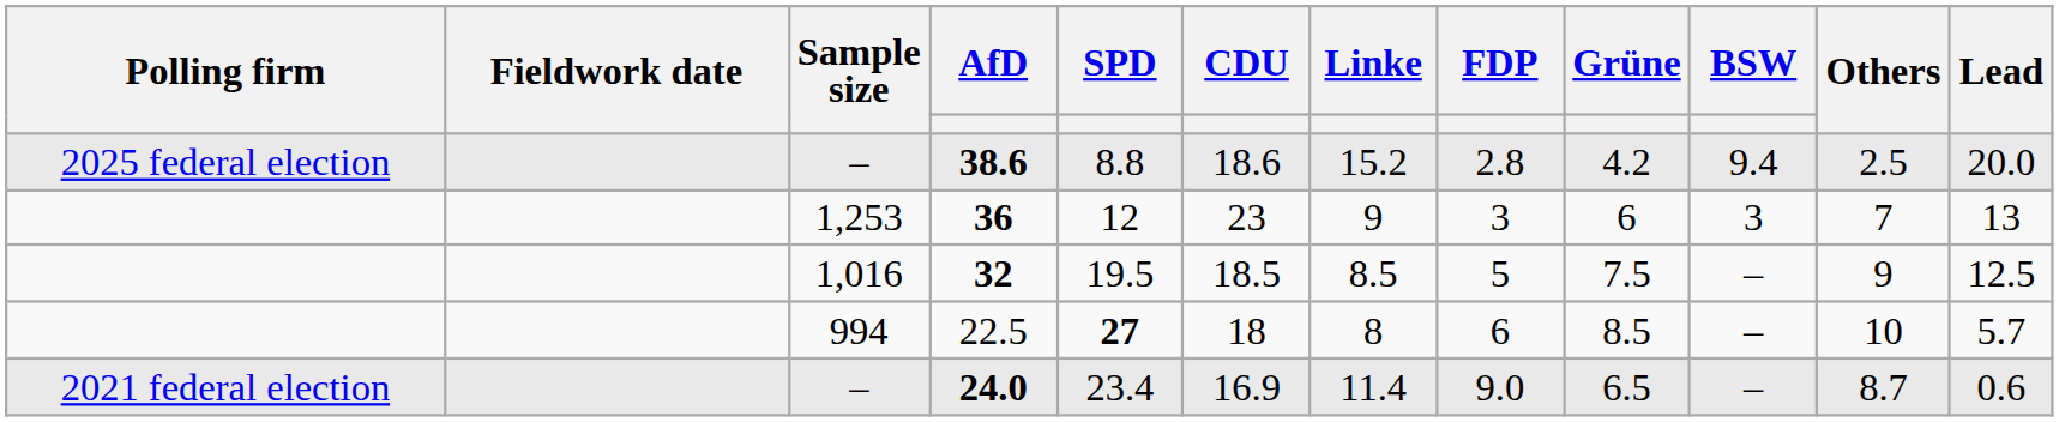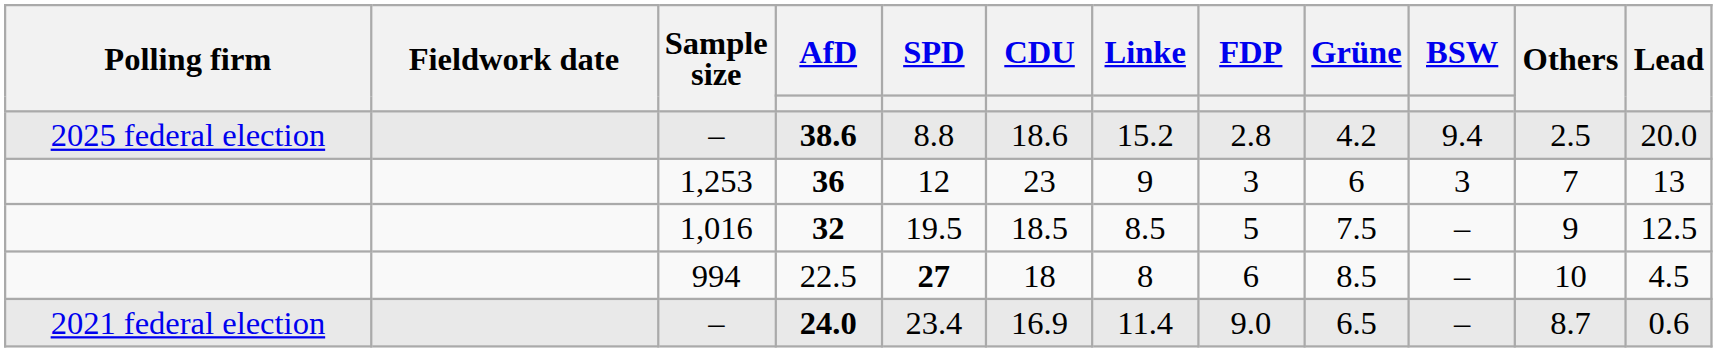 <table class="wikitable sortable mw-datatable mw-collapsible" style="text-align:center;font-size:90%;line-height:14px;">
 <tr style="height:40px;">
 <th style="width:155px;" rowspan="2">Polling firm</th>
 <th style="width:120px;" rowspan="2">Fieldwork date</th>
 <th style="width: 35px;" rowspan="2">Sample<br>size</th>
 <th class="unsortable" style="width:40px;"><a href='#'>AfD</a></th>
 <th class="unsortable" style="width:40px;"><a href='#'>SPD</a></th>
 <th class="unsortable" style="width:40px;"><a href='#'>CDU</a></th>
 <th class="unsortable" style="width:40px;"><a href='#'>Linke</a></th>
 <th class="unsortable" style="width:40px;"><a href='#'>FDP</a></th>
 <th class="unsortable" style="width:40px;"><a href='#'>Grüne</a></th>
 <th class="unsortable" style="width:40px;"><a href='#'>BSW</a></th>
 <th class="unsortable" style="width:30px;" rowspan="2">Others</th>
 <th style="width:30px;" rowspan="2">Lead</th>
 </tr>
 <tr>
 <th style="background:"></th>
 <th style="background:"></th>
 <th style="background:"></th>
 <th style="background:"></th>
 <th style="background:"></th>
 <th style="background:"></th>
 <th style="background:"></th>
 </tr>
 <tr style="background:#E9E9E9;">
 <td><a href='#'>2025 federal election</a></td>
 <td></td>
 <td>–</td>
 <td><strong>38.6</strong></td>
 <td>8.8</td>
 <td>18.6</td>
 <td>15.2</td>
 <td>2.8</td>
 <td>4.2</td>
 <td>9.4</td>
 <td>2.5</td>
 <td style="background:">20.0</td>
 </tr>
 <tr>
 <td></td>
 <td></td>
 <td>1,253</td>
 <td><strong>36</strong></td>
 <td>12</td>
 <td>23</td>
 <td>9</td>
 <td>3</td>
 <td>6</td>
 <td>3</td>
 <td>7</td>
 <td style="background:">13</td>
 </tr>
 <tr>
 <td></td>
 <td></td>
 <td>1,016</td>
 <td><strong>32</strong></td>
 <td>19.5</td>
 <td>18.5</td>
 <td>8.5</td>
 <td>5</td>
 <td>7.5</td>
 <td>–</td>
 <td>9</td>
 <td style="background:">12.5</td>
 </tr>
 <tr>
 <td></td>
 <td></td>
 <td>994</td>
 <td>22.5</td>
 <td><strong>27</strong></td>
 <td>18</td>
 <td>8</td>
 <td>6</td>
 <td>8.5</td>
 <td>–</td>
 <td>10</td>
-<td style="background:">5.7</td>
+<td style="background:">4.5</td>
 </tr>
 <tr style="background:#E9E9E9;">
 <td><a href='#'>2021 federal election</a></td>
 <td></td>
 <td>–</td>
 <td><strong>24.0</strong></td>
 <td>23.4</td>
 <td>16.9</td>
 <td>11.4</td>
 <td>9.0</td>
 <td>6.5</td>
 <td>–</td>
 <td>8.7</td>
 <td style="background:">0.6</td>
 </tr>
 </table>
